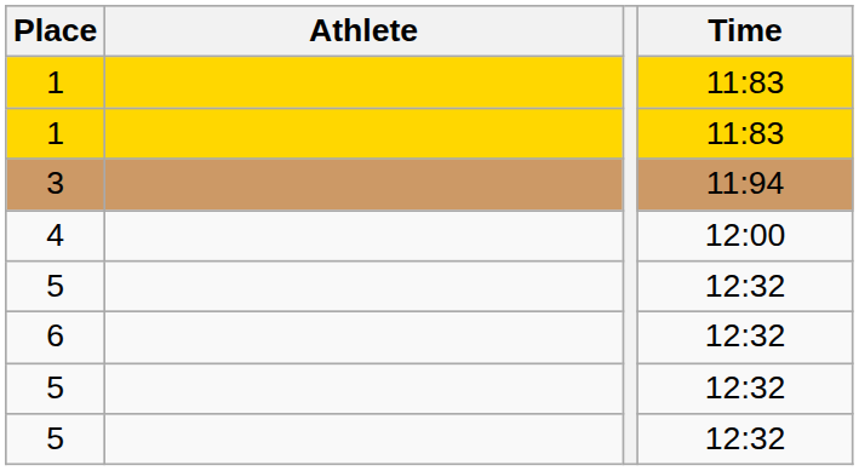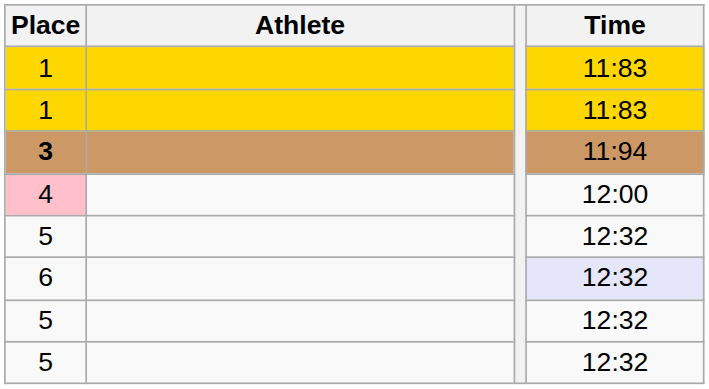 <table class="wikitable" style="text-align:center">
 <tr>
 <th>Place</th>
 <th width=250>Athlete</th>
 <th rowspan=27></th>
 <th width=100>Time</th>
 </tr>
 <tr bgcolor=gold>
 <td>1</td>
 <td align=left></td>
 <td>11:83</td>
 </tr>
 <tr bgcolor=gold>
 <td>1</td>
 <td align=left></td>
 <td>11:83</td>
 </tr>
 <tr bgcolor=cc9966>
-<td>3</td>
+<td><strong>3</strong></td>
 <td align=left></td>
 <td>11:94</td>
 </tr>
 <tr>
-<td>4</td>
+<td style="background: pink;">4</td>
 <td align=left></td>
 <td>12:00</td>
 </tr>
 <tr>
 <td>5</td>
 <td align=left></td>
 <td>12:32</td>
 </tr>
 <tr>
 <td>6</td>
 <td align=left></td>
-<td>12:32</td>
+<td style="background: lavender;">12:32</td>
 </tr>
 <tr>
 <td>5</td>
 <td align=left></td>
 <td>12:32</td>
 </tr>
 <tr>
 <td>5</td>
 <td align=left></td>
 <td>12:32</td>
 </tr>
 </table>
